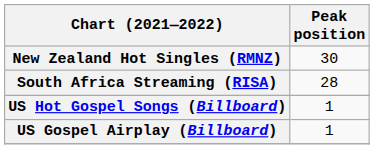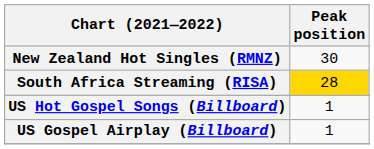 <table class="wikitable sortable plainrowheaders" style="text-align:center">
 <tr>
 <th scope="col">Chart (2021—2022)</th>
 <th scope="col">Peak<br> position</th>
 </tr>
 <tr>
 <th scope="row">New Zealand Hot Singles (<a href='#'>RMNZ</a>)</th>
 <td>30</td>
 </tr>
 <tr>
 <th scope="row">South Africa Streaming (<a href='#'>RISA</a>)</th>
-<td>28</td>
+<td style="background: gold;">28</td>
 </tr>
 <tr>
 </tr>
 <tr>
 </tr>
 <tr>
 <th scope="row">US <a href='#'>Hot Gospel Songs</a> (<a href='#'><em>Billboard</em></a>)</th>
 <td>1</td>
 </tr>
 <tr>
 <th scope="row">US Gospel Airplay (<a href='#'><em>Billboard</em></a>)</th>
 <td>1</td>
 </tr>
 <tr>
 </tr>
 <tr>
 </tr>
 </table>
